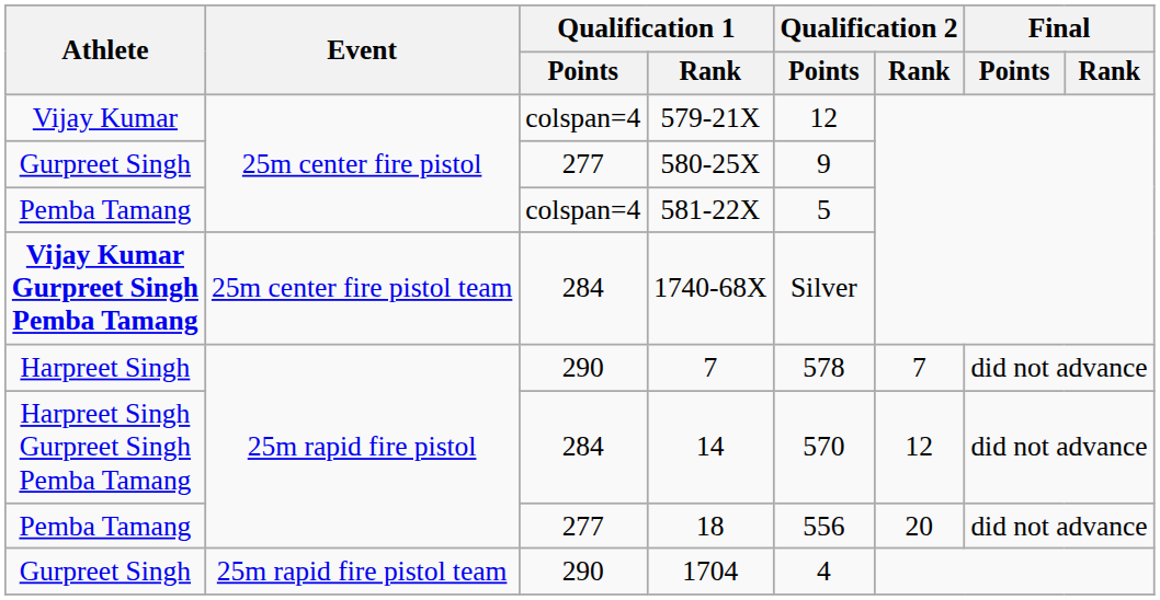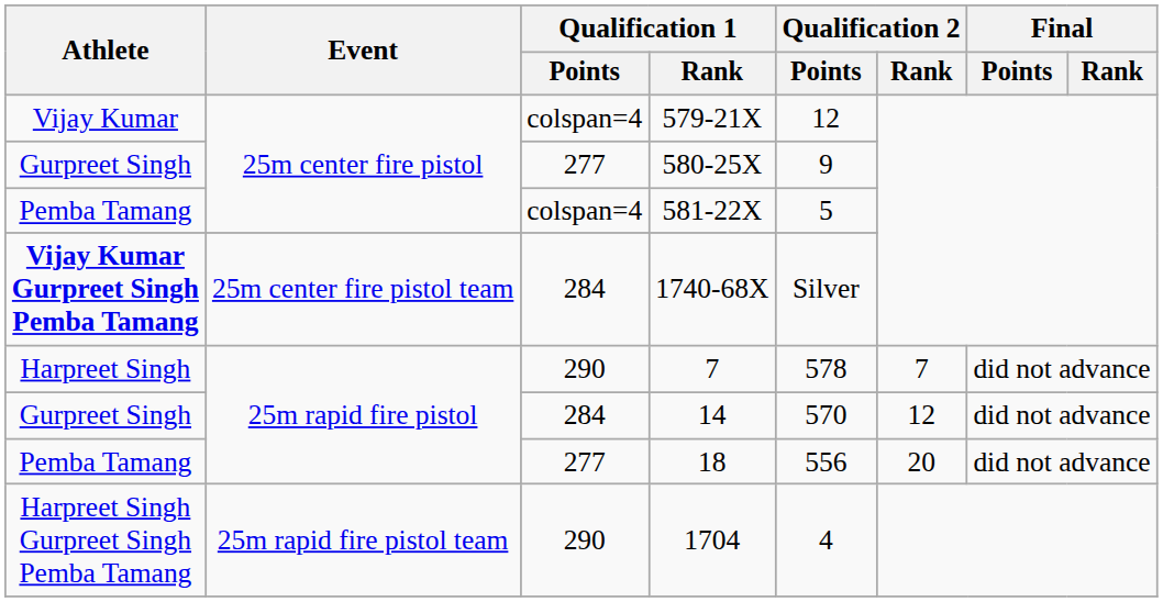 <table class=wikitable style="text-align:center; font-size:90%">
 <tr>
 <th rowspan=2>Athlete</th>
 <th rowspan=2>Event</th>
 <th colspan=2>Qualification 1</th>
 <th colspan=2>Qualification 2</th>
 <th colspan=2>Final</th>
 </tr>
 <tr style="font-size:95%">
 <th>Points</th>
 <th>Rank</th>
 <th>Points</th>
 <th>Rank</th>
 <th>Points</th>
 <th>Rank</th>
 </tr>
 <tr>
 <td><a href='#'>Vijay Kumar</a></td>
 <td rowspan=3><a href='#'>25m center fire pistol</a></td>
 <td>colspan=4 </td>
 <td>579-21X</td>
 <td>12</td>
 </tr>
 <tr>
 <td><a href='#'>Gurpreet Singh</a></td>
 <td>277</td>
 <td>580-25X</td>
 <td>9</td>
 </tr>
 <tr>
 <td><a href='#'>Pemba Tamang</a></td>
 <td>colspan=4 </td>
 <td>581-22X</td>
 <td>5</td>
 </tr>
 <tr>
 <td><strong><a href='#'>Vijay Kumar</a><br><a href='#'>Gurpreet Singh</a><br><a href='#'>Pemba Tamang</a></strong></td>
 <td><a href='#'>25m center fire pistol team</a></td>
 <td>284</td>
 <td>1740-68X</td>
 <td> Silver</td>
 </tr>
 <tr>
 <td><a href='#'>Harpreet Singh</a></td>
 <td rowspan=3><a href='#'>25m rapid fire pistol</a></td>
 <td>290</td>
 <td>7</td>
 <td>578</td>
 <td>7</td>
 <td style="text-align:center;" colspan=2>did not advance</td>
 </tr>
 <tr>
-<td><a href='#'>Harpreet Singh</a><br><a href='#'>Gurpreet Singh</a><br><a href='#'>Pemba Tamang</a></td>
+<td><a href='#'>Gurpreet Singh</a></td>
 <td>284</td>
 <td>14</td>
 <td>570</td>
 <td>12</td>
 <td style="text-align:center;" colspan=2>did not advance</td>
 </tr>
 <tr>
 <td><a href='#'>Pemba Tamang</a></td>
 <td>277</td>
 <td>18</td>
 <td>556</td>
 <td>20</td>
 <td style="text-align:center;" colspan=2>did not advance</td>
 </tr>
 <tr>
-<td><a href='#'>Gurpreet Singh</a></td>
+<td><a href='#'>Harpreet Singh</a><br><a href='#'>Gurpreet Singh</a><br><a href='#'>Pemba Tamang</a></td>
 <td><a href='#'>25m rapid fire pistol team</a></td>
 <td>290</td>
 <td>1704</td>
 <td>4</td>
 </tr>
 </table>
